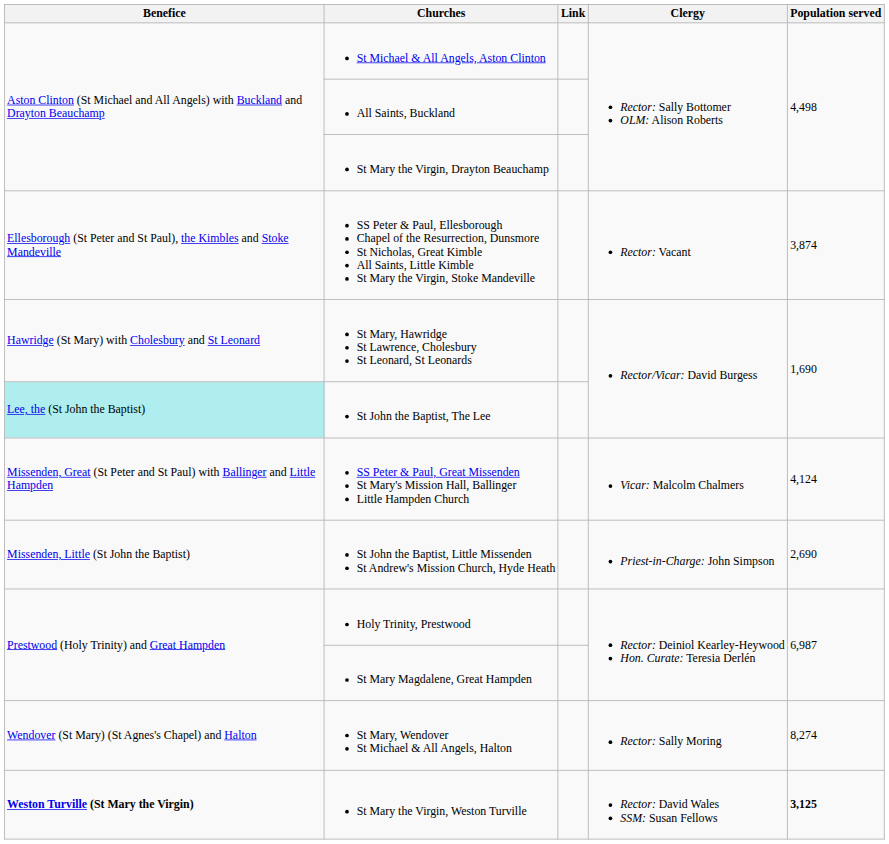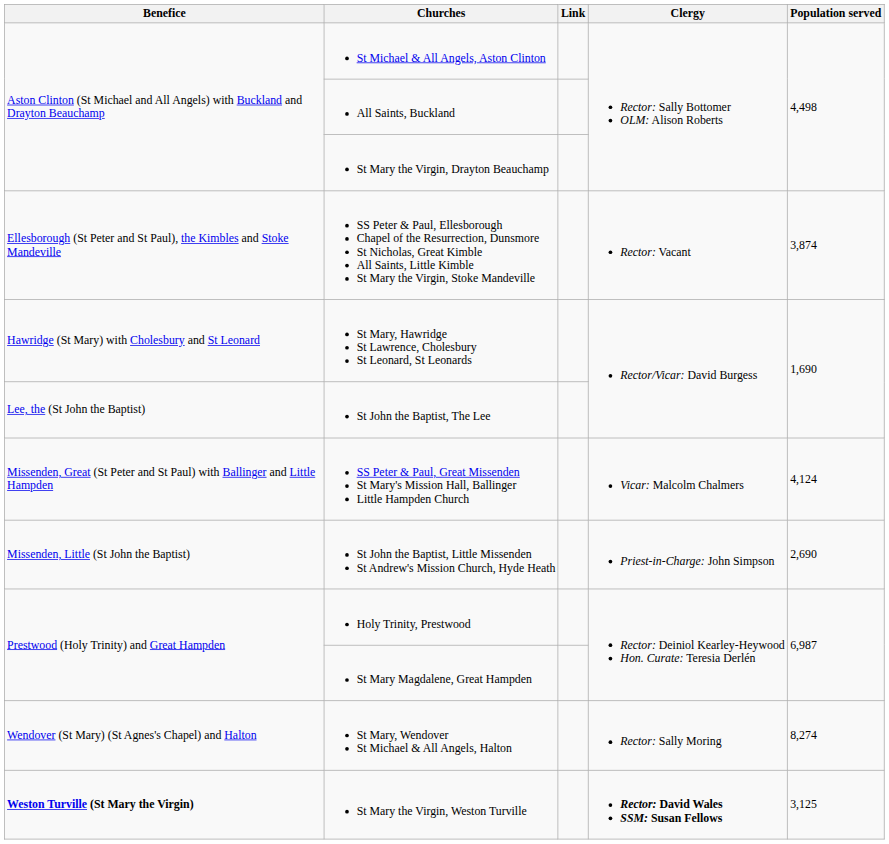 <table class="wikitable">
 <tr>
 <th width="425">Benefice</th>
 <th>Churches</th>
 <th>Link</th>
 <th>Clergy</th>
 <th>Population served</th>
 </tr>
 <tr>
 <td rowspan="3"><a href='#'>Aston Clinton</a> (St Michael and All Angels) with <a href='#'>Buckland</a> and <a href='#'>Drayton Beauchamp</a></td>
 <td><br><ul><li><a href='#'>St Michael & All Angels, Aston Clinton</a></li></ul></td>
 <td></td>
 <td rowspan="3"><br><ul><li><em>Rector:</em> Sally Bottomer</li><li><em>OLM:</em> Alison Roberts</li></ul></td>
 <td rowspan="3">4,498</td>
 </tr>
 <tr>
 <td><br><ul><li>All Saints, Buckland</li></ul></td>
 <td></td>
 </tr>
 <tr>
 <td><br><ul><li>St Mary the Virgin, Drayton Beauchamp</li></ul></td>
 <td></td>
 </tr>
 <tr>
 <td><a href='#'>Ellesborough</a> (St Peter and St Paul), <a href='#'>the Kimbles</a> and <a href='#'>Stoke Mandeville</a></td>
 <td><br><ul><li>SS Peter & Paul, Ellesborough</li><li>Chapel of the Resurrection, Dunsmore</li><li>St Nicholas, Great Kimble</li><li>All Saints, Little Kimble</li><li>St Mary the Virgin, Stoke Mandeville</li></ul></td>
 <td></td>
 <td><br><ul><li><em>Rector:</em> Vacant</li></ul></td>
 <td>3,874</td>
 </tr>
 <tr>
 <td><a href='#'>Hawridge</a> (St Mary) with <a href='#'>Cholesbury</a> and <a href='#'>St Leonard</a></td>
 <td><br><ul><li>St Mary, Hawridge</li><li>St Lawrence, Cholesbury</li><li>St Leonard, St Leonards</li></ul></td>
 <td></td>
 <td rowspan="2"><br><ul><li><em>Rector/Vicar:</em> David Burgess</li></ul></td>
 <td rowspan="2">1,690</td>
 </tr>
 <tr>
-<td style="background: paleturquoise;"><a href='#'>Lee, the</a> (St John the Baptist)</td>
+<td><a href='#'>Lee, the</a> (St John the Baptist)</td>
 <td><br><ul><li>St John the Baptist, The Lee</li></ul></td>
 <td></td>
 </tr>
 <tr>
 <td><a href='#'>Missenden, Great</a> (St Peter and St Paul) with <a href='#'>Ballinger</a> and <a href='#'>Little Hampden</a></td>
 <td><br><ul><li><a href='#'>SS Peter & Paul, Great Missenden</a></li><li>St Mary's Mission Hall, Ballinger</li><li>Little Hampden Church</li></ul></td>
 <td></td>
 <td><br><ul><li><em>Vicar:</em> Malcolm Chalmers</li></ul></td>
 <td>4,124</td>
 </tr>
 <tr>
 <td><a href='#'>Missenden, Little</a> (St John the Baptist)</td>
 <td><br><ul><li>St John the Baptist, Little Missenden</li><li>St Andrew's Mission Church, Hyde Heath</li></ul></td>
 <td></td>
 <td><br><ul><li><em>Priest-in-Charge:</em> John Simpson</li></ul></td>
 <td>2,690</td>
 </tr>
 <tr>
 <td rowspan="2"><a href='#'>Prestwood</a> (Holy Trinity) and <a href='#'>Great Hampden</a></td>
 <td><br><ul><li>Holy Trinity, Prestwood</li></ul></td>
 <td></td>
 <td rowspan="2"><br><ul><li><em>Rector:</em> Deiniol Kearley-Heywood</li><li><em>Hon. Curate:</em> Teresia Derlén</li></ul></td>
 <td rowspan="2">6,987</td>
 </tr>
 <tr>
 <td><br><ul><li>St Mary Magdalene, Great Hampden</li></ul></td>
 <td></td>
 </tr>
 <tr>
 <td><a href='#'>Wendover</a> (St Mary) (St Agnes's Chapel) and <a href='#'>Halton</a></td>
 <td><br><ul><li>St Mary, Wendover</li><li>St Michael & All Angels, Halton</li></ul></td>
 <td></td>
 <td><br><ul><li><em>Rector:</em> Sally Moring</li></ul></td>
 <td>8,274</td>
 </tr>
 <tr>
 <td><strong><a href='#'>Weston Turville</a> (St Mary the Virgin)</strong></td>
 <td><br><ul><li>St Mary the Virgin, Weston Turville</li></ul></td>
 <td></td>
-<td><br><ul><li><em>Rector:</em> David Wales</li><li><em>SSM:</em> Susan Fellows</li></ul></td>
-<td><strong>3,125</strong></td>
+<td><strong><br><ul><li><em>Rector:</em> David Wales</li><li><em>SSM:</em> Susan Fellows</li></ul></strong></td>
+<td>3,125</td>
 </tr>
 </table>
